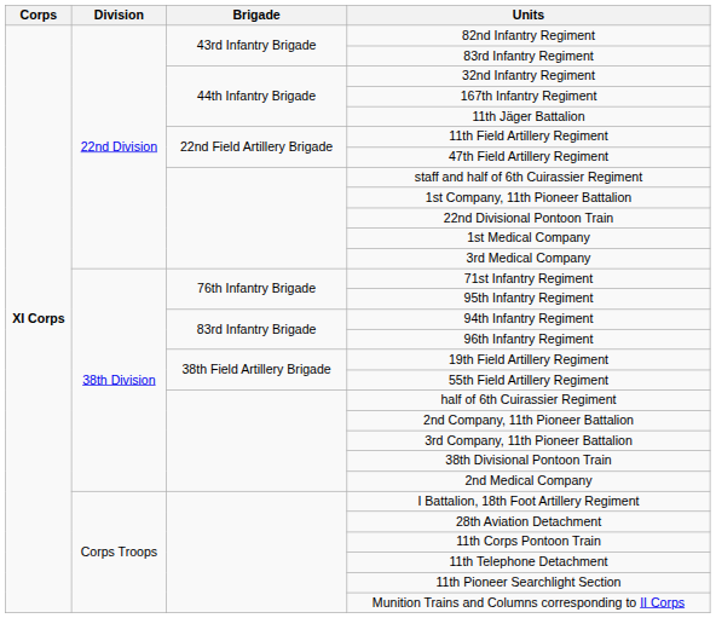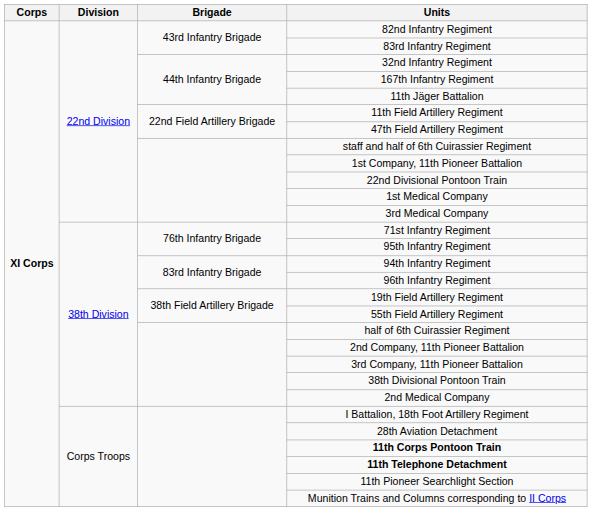 <table class="wikitable collapsible collapsed" style="text-align:center; width:100%;">
 <tr>
 <th>Corps</th>
 <th>Division</th>
 <th>Brigade</th>
 <th>Units</th>
 </tr>
 <tr>
 <td ROWSPAN=29><strong>XI Corps</strong></td>
 <td ROWSPAN=12><a href='#'>22nd Division</a></td>
 <td ROWSPAN=2>43rd Infantry Brigade</td>
 <td>82nd Infantry Regiment</td>
 </tr>
 <tr>
 <td>83rd Infantry Regiment</td>
 </tr>
 <tr>
 <td ROWSPAN=3>44th Infantry Brigade</td>
 <td>32nd Infantry Regiment</td>
 </tr>
 <tr>
 <td>167th Infantry Regiment</td>
 </tr>
 <tr>
 <td>11th Jäger Battalion</td>
 </tr>
 <tr>
 <td ROWSPAN=2>22nd Field Artillery Brigade</td>
 <td>11th Field Artillery Regiment</td>
 </tr>
 <tr>
 <td>47th Field Artillery Regiment</td>
 </tr>
 <tr>
 <td ROWSPAN=5></td>
 <td>staff and half of 6th Cuirassier Regiment</td>
 </tr>
 <tr>
 <td>1st Company, 11th Pioneer Battalion</td>
 </tr>
 <tr>
 <td>22nd Divisional Pontoon Train</td>
 </tr>
 <tr>
 <td>1st Medical Company</td>
 </tr>
 <tr>
 <td>3rd Medical Company</td>
 </tr>
 <tr>
 <td ROWSPAN=11><a href='#'>38th Division</a></td>
 <td ROWSPAN=2>76th Infantry Brigade</td>
 <td>71st Infantry Regiment</td>
 </tr>
 <tr>
 <td>95th Infantry Regiment</td>
 </tr>
 <tr>
 <td ROWSPAN=2>83rd Infantry Brigade</td>
 <td>94th Infantry Regiment</td>
 </tr>
 <tr>
 <td>96th Infantry Regiment</td>
 </tr>
 <tr>
 <td ROWSPAN=2>38th Field Artillery Brigade</td>
 <td>19th Field Artillery Regiment</td>
 </tr>
 <tr>
 <td>55th Field Artillery Regiment</td>
 </tr>
 <tr>
 <td ROWSPAN=5></td>
 <td>half of 6th Cuirassier Regiment</td>
 </tr>
 <tr>
 <td>2nd Company, 11th Pioneer Battalion</td>
 </tr>
 <tr>
 <td>3rd Company, 11th Pioneer Battalion</td>
 </tr>
 <tr>
 <td>38th Divisional Pontoon Train</td>
 </tr>
 <tr>
 <td>2nd Medical Company</td>
 </tr>
 <tr>
 <td ROWSPAN=6>Corps Troops</td>
 <td ROWSPAN=6></td>
 <td>I Battalion, 18th Foot Artillery Regiment</td>
 </tr>
 <tr>
 <td>28th Aviation Detachment</td>
 </tr>
 <tr>
-<td>11th Corps Pontoon Train</td>
+<td><strong>11th Corps Pontoon Train</strong></td>
 </tr>
 <tr>
-<td>11th Telephone Detachment</td>
+<td><strong>11th Telephone Detachment</strong></td>
 </tr>
 <tr>
 <td>11th Pioneer Searchlight Section</td>
 </tr>
 <tr>
 <td>Munition Trains and Columns corresponding to <a href='#'>II Corps</a></td>
 </tr>
 </table>
